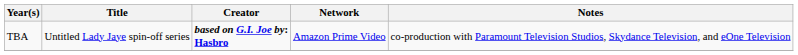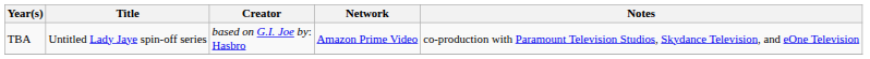 <table class="wikitable sortable">
 <tr>
 <th>Year(s)</th>
 <th>Title</th>
 <th>Creator</th>
 <th>Network</th>
 <th>Notes</th>
 </tr>
 <tr>
 <td>TBA</td>
 <td>Untitled <a href='#'>Lady Jaye</a> spin-off series</td>
-<td><strong><em>based on <a href='#'>G.I. Joe</a> by</em>:<br><a href='#'>Hasbro</a></strong></td>
+<td><em>based on <a href='#'>G.I. Joe</a> by</em>:<br><a href='#'>Hasbro</a></td>
 <td><a href='#'>Amazon Prime Video</a></td>
 <td>co-production with <a href='#'>Paramount Television Studios</a>, <a href='#'>Skydance Television</a>, and <a href='#'>eOne Television</a></td>
 </tr>
 <tr>
 </tr>
 </table>
